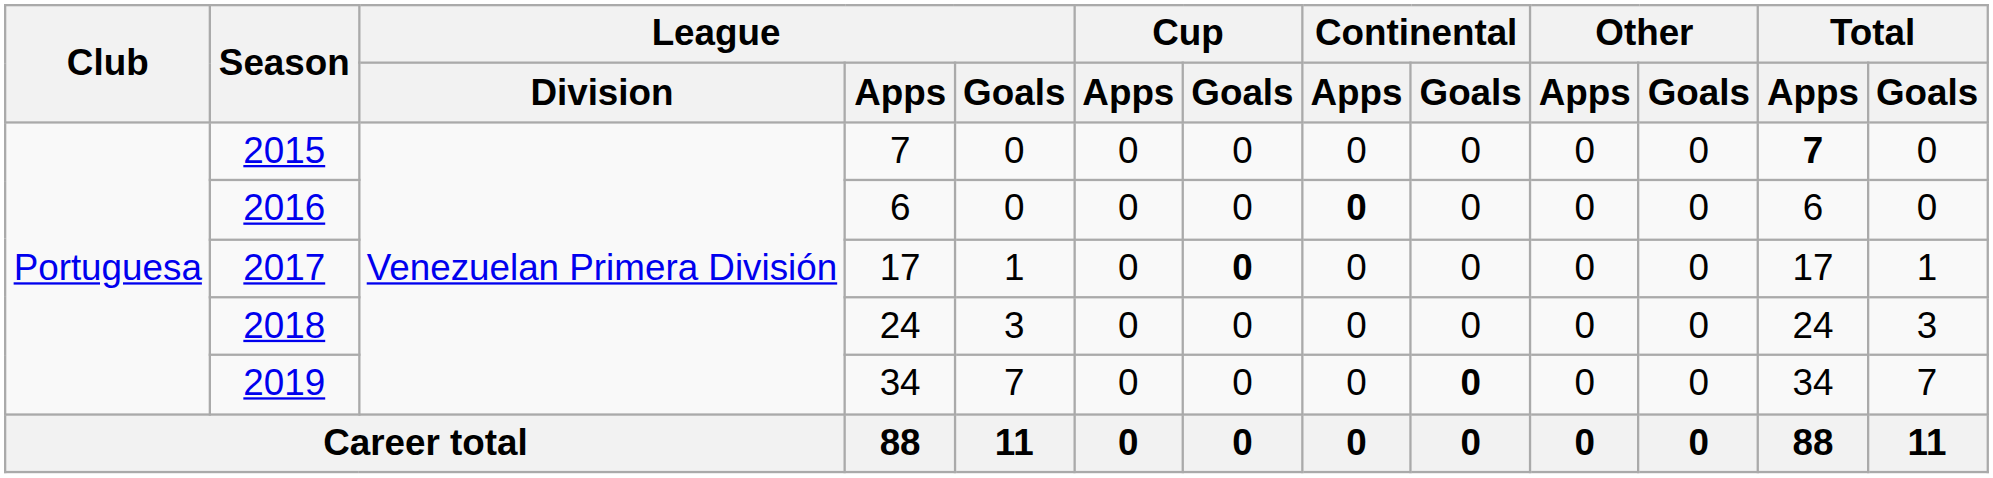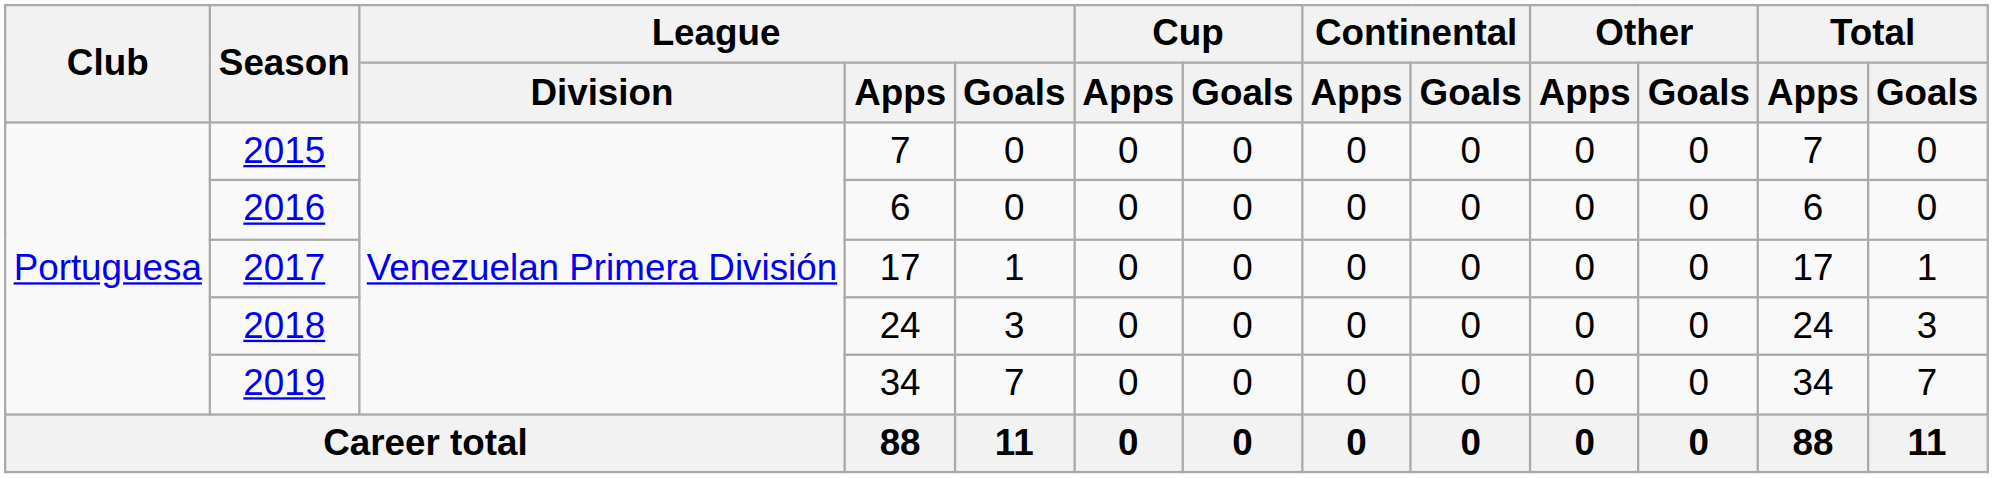 <table class="wikitable" style="text-align: center">
 <tr>
 <th rowspan="2">Club</th>
 <th rowspan="2">Season</th>
 <th colspan="3">League</th>
 <th colspan="2">Cup</th>
 <th colspan="2">Continental</th>
 <th colspan="2">Other</th>
 <th colspan="2">Total</th>
 </tr>
 <tr>
 <th>Division</th>
 <th>Apps</th>
 <th>Goals</th>
 <th>Apps</th>
 <th>Goals</th>
 <th>Apps</th>
 <th>Goals</th>
 <th>Apps</th>
 <th>Goals</th>
 <th>Apps</th>
 <th>Goals</th>
 </tr>
 <tr>
 <td rowspan="5"><a href='#'>Portuguesa</a></td>
 <td><a href='#'>2015</a></td>
 <td rowspan="5"><a href='#'>Venezuelan Primera División</a></td>
 <td>7</td>
 <td>0</td>
 <td>0</td>
 <td>0</td>
 <td>0</td>
 <td>0</td>
 <td>0</td>
 <td>0</td>
-<td><strong>7</strong></td>
+<td>7</td>
 <td>0</td>
 </tr>
 <tr>
 <td><a href='#'>2016</a></td>
 <td>6</td>
 <td>0</td>
 <td>0</td>
 <td>0</td>
-<td><strong>0</strong></td>
+<td>0</td>
 <td>0</td>
 <td>0</td>
 <td>0</td>
 <td>6</td>
 <td>0</td>
 </tr>
 <tr>
 <td><a href='#'>2017</a></td>
 <td>17</td>
 <td>1</td>
 <td>0</td>
-<td><strong>0</strong></td>
+<td>0</td>
 <td>0</td>
 <td>0</td>
 <td>0</td>
 <td>0</td>
 <td>17</td>
 <td>1</td>
 </tr>
 <tr>
 <td><a href='#'>2018</a></td>
 <td>24</td>
 <td>3</td>
 <td>0</td>
 <td>0</td>
 <td>0</td>
 <td>0</td>
 <td>0</td>
 <td>0</td>
 <td>24</td>
 <td>3</td>
 </tr>
 <tr>
 <td><a href='#'>2019</a></td>
 <td>34</td>
 <td>7</td>
 <td>0</td>
 <td>0</td>
 <td>0</td>
-<td><strong>0</strong></td>
+<td>0</td>
 <td>0</td>
 <td>0</td>
 <td>34</td>
 <td>7</td>
 </tr>
 <tr>
 <th colspan="3"><strong>Career total</strong></th>
 <th>88</th>
 <th>11</th>
 <th>0</th>
 <th>0</th>
 <th>0</th>
 <th>0</th>
 <th>0</th>
 <th>0</th>
 <th>88</th>
 <th>11</th>
 </tr>
 </table>
